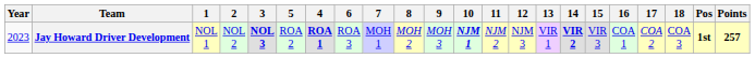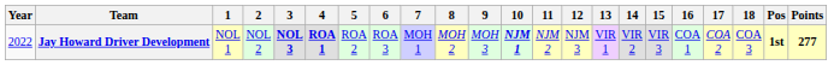 <table class="wikitable" style="text-align:center; font-size:85%">
 <tr>
 <th>Year</th>
 <th>Team</th>
 <th>1</th>
 <th>2</th>
 <th>3</th>
+<th>4</th>
 <th>5</th>
-<th>4</th>
 <th>6</th>
 <th>7</th>
 <th>8</th>
 <th>9</th>
 <th>10</th>
 <th>11</th>
 <th>12</th>
 <th>13</th>
 <th>14</th>
 <th>15</th>
 <th>16</th>
 <th>17</th>
 <th>18</th>
 <th>Pos</th>
 <th>Points</th>
 </tr>
 <tr>
-<td><a href='#'>2023</a></td>
+<td><a href='#'>2022</a></td>
 <th nowrap><a href='#'>Jay Howard Driver Development</a></th>
 <td style="background:#FFFFBF"><a href='#'>NOL<br>1</a><br></td>
 <td style="background:#DFFFDF"><a href='#'>NOL<br>2</a><br></td>
 <td style="background:#DFDFDF"><strong><a href='#'>NOL<br>3</a><br></strong></td>
+<td style="background:#DFDFDF"><strong><a href='#'>ROA<br>1</a></strong><br></td>
 <td style="background:#DFFFDF"><a href='#'>ROA<br>2</a><br></td>
-<td style="background:#DFDFDF"><strong><a href='#'>ROA<br>1</a></strong><br></td>
 <td style="background:#DFFFDF"><a href='#'>ROA<br>3</a><br></td>
 <td style="background:#CFCFFF"><a href='#'>MOH<br>1</a><br></td>
 <td style="background:#FFFFBF"><em><a href='#'>MOH<br>2</a></em><br></td>
 <td style="background:#DFFFDF"><em><a href='#'>MOH<br>3</a></em><br></td>
 <td style="background:#DFFFDF"><strong><em><a href='#'>NJM<br>1</a></em></strong><br></td>
 <td style="background:#FFFFBF"><em><a href='#'>NJM<br>2</a></em><br></td>
 <td style="background:#FFFFBF"><a href='#'>NJM<br>3</a><br></td>
 <td style="background:#EFCFFF"><a href='#'>VIR<br>1</a><br></td>
-<td style="background:#DFDFDF"><strong><a href='#'>VIR<br>2</a><br></strong></td>
+<td style="background:#DFDFDF"><a href='#'>VIR<br>2</a><br></td>
 <td style="background:#DFDFDF"><a href='#'>VIR<br>3</a><br></td>
 <td style="background:#DFFFDF"><a href='#'>COA<br>1</a><br></td>
 <td style="background:#FFFFBF"><em><a href='#'>COA<br>2</a></em><br></td>
 <td style="background:#FFFFBF"><a href='#'>COA<br>3</a><br></td>
 <th style=background:#FFFFBF>1st</th>
-<th style=background:#FFFFBF>257</th>
+<th style=background:#FFFFBF>277</th>
 </tr>
 </table>
